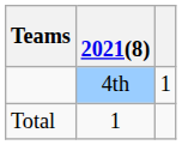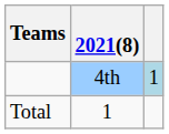 <table class="wikitable" style="text-align:center; font-size:85%;">
 <tr>
 <th>Teams</th>
 <th><br><a href='#'>2021</a>(8)</th>
 <th></th>
 </tr>
 <tr>
 <td></td>
 <td bgcolor=#9acdff>4th</td>
-<td>1</td>
+<td style="background: lightblue;">1</td>
 </tr>
 <tr>
 <td align="left">Total</td>
 <td>1</td>
 </tr>
 </table>
